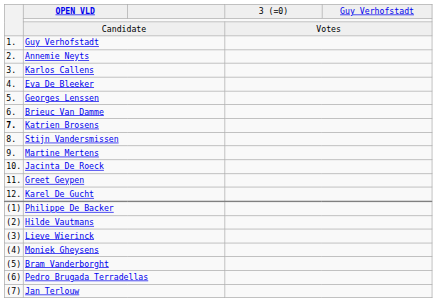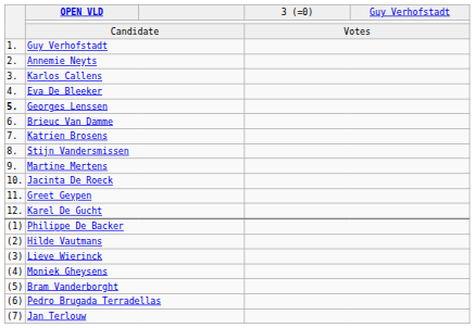 <table class="wikitable collapsible collapsed" style=text-align:left;font-size:90%>
 <tr>
 <th rowspan=3></th>
 <td bgcolor=efefef width=200 align=center><strong> <a href='#'>OPEN VLD</a></strong></td>
 <td bgcolor=efefef width=200 align=center></td>
 <td bgcolor=efefef width=200 align=center>3 (=0)</td>
 <td bgcolor=efefef width=200 align=center><a href='#'>Guy Verhofstadt</a></td>
 </tr>
 <tr>
 <td colspan=4 bgcolor=></td>
 </tr>
 <tr>
 <td bgcolor=efefef align=center colspan=2>Candidate</td>
 <td bgcolor=efefef align=center colspan=2>Votes</td>
 </tr>
 <tr>
 <td>1.</td>
 <td colspan=2><a href='#'>Guy Verhofstadt</a></td>
 <td colspan=2></td>
 </tr>
 <tr>
 <td>2.</td>
 <td colspan=2><a href='#'>Annemie Neyts</a></td>
 <td colspan=2></td>
 </tr>
 <tr>
 <td>3.</td>
 <td colspan=2><a href='#'>Karlos Callens</a></td>
 <td colspan=2></td>
 </tr>
 <tr>
 <td>4.</td>
 <td colspan=2><a href='#'>Eva De Bleeker</a></td>
 <td colspan=2></td>
 </tr>
 <tr>
-<td>5.</td>
+<td><strong>5.</strong></td>
 <td colspan=2><a href='#'>Georges Lenssen</a></td>
 <td colspan=2></td>
 </tr>
 <tr>
 <td>6.</td>
 <td colspan=2><a href='#'>Brieuc Van Damme</a></td>
 <td colspan=2></td>
 </tr>
 <tr>
-<td><strong>7.</strong></td>
+<td>7.</td>
 <td colspan=2><a href='#'>Katrien Brosens</a></td>
 <td colspan=2></td>
 </tr>
 <tr>
 <td>8.</td>
 <td colspan=2><a href='#'>Stijn Vandersmissen</a></td>
 <td colspan=2></td>
 </tr>
 <tr>
 <td>9.</td>
 <td colspan=2><a href='#'>Martine Mertens</a></td>
 <td colspan=2></td>
 </tr>
 <tr>
 <td>10.</td>
 <td colspan=2><a href='#'>Jacinta De Roeck</a></td>
 <td colspan=2></td>
 </tr>
 <tr>
 <td>11.</td>
 <td colspan=2><a href='#'>Greet Geypen</a></td>
 <td colspan=2></td>
 </tr>
 <tr>
 <td>12.</td>
 <td colspan=2><a href='#'>Karel De Gucht</a></td>
 <td colspan=2></td>
 </tr>
 <tr style="border-top:2px solid gray;">
 <td>(1)</td>
 <td colspan=2><a href='#'>Philippe De Backer</a></td>
 <td colspan=2></td>
 </tr>
 <tr>
 <td>(2)</td>
 <td colspan=2><a href='#'>Hilde Vautmans</a></td>
 <td colspan=2></td>
 </tr>
 <tr>
 <td>(3)</td>
 <td colspan=2><a href='#'>Lieve Wierinck</a></td>
 <td colspan=2></td>
 </tr>
 <tr>
 <td>(4)</td>
 <td colspan=2><a href='#'>Moniek Gheysens</a></td>
 <td colspan=2></td>
 </tr>
 <tr>
 <td>(5)</td>
 <td colspan=2><a href='#'>Bram Vanderborght</a></td>
 <td colspan=2></td>
 </tr>
 <tr>
 <td>(6)</td>
 <td colspan=2><a href='#'>Pedro Brugada Terradellas</a></td>
 <td colspan=2></td>
 </tr>
 <tr>
 <td>(7)</td>
 <td colspan=2><a href='#'>Jan Terlouw</a></td>
 <td colspan=2></td>
 </tr>
 </table>
